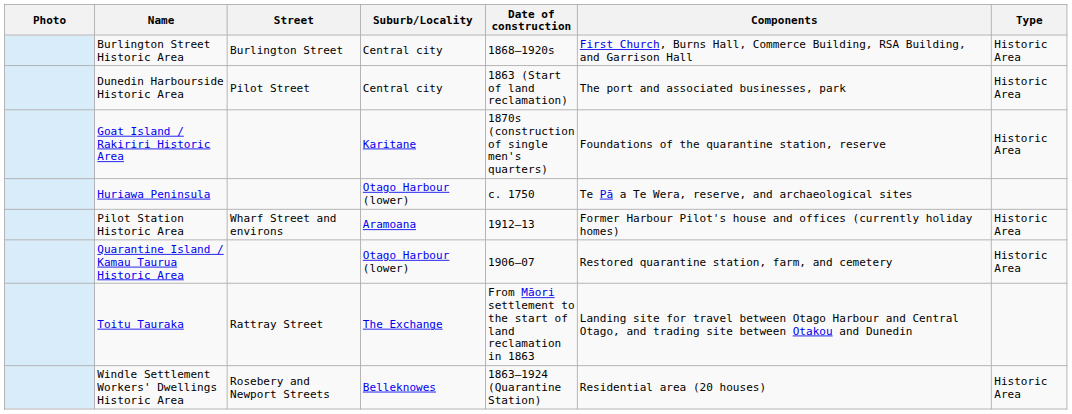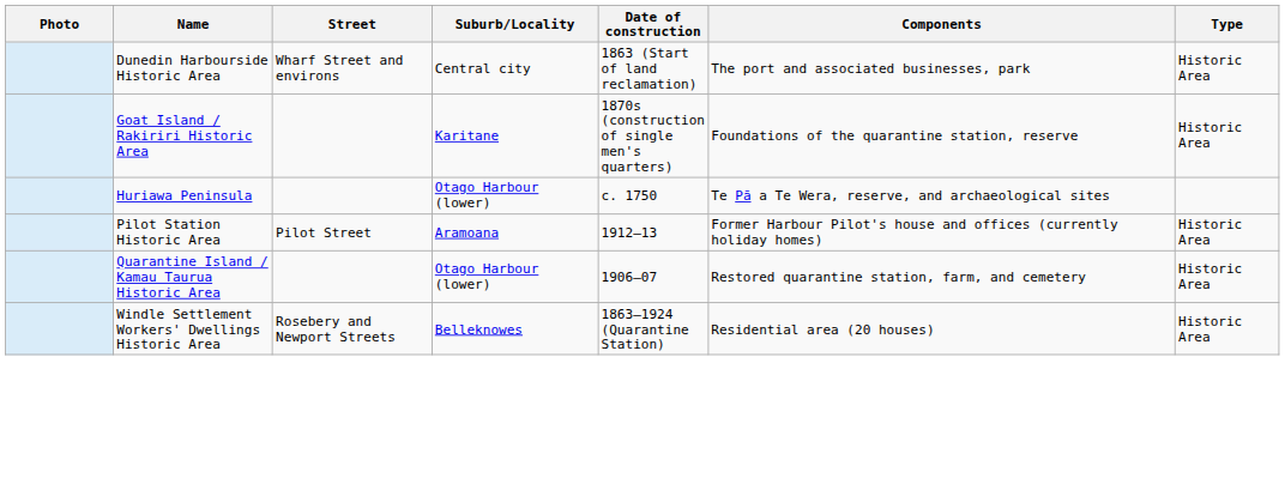 <table class="wikitable sortable">
 <tr>
 <th scope="col" style="width: 100px;">Photo</th>
 <th scope="col" style="width: 150px;">Name</th>
 <th scope="col" style="width: 150px;">Street</th>
 <th>Suburb/Locality</th>
 <th scope="col" style="width: 100px;">Date of construction</th>
 <th>Components</th>
 <th>Type</th>
 </tr>
 <tr>
 <td style="background:#D9ECF9"></td>
-<td>Burlington Street Historic Area</td>
-<td>Burlington Street</td>
-<td>Central city</td>
-<td>1868–1920s</td>
-<td><a href='#'>First Church</a>, Burns Hall, Commerce Building, RSA Building, and Garrison Hall</td>
-<td>Historic Area</td>
-</tr>
-<tr>
-<td style="background:#D9ECF9"></td>
 <td>Dunedin Harbourside Historic Area</td>
-<td>Pilot Street</td>
+<td>Wharf Street and environs</td>
 <td>Central city</td>
 <td>1863 (Start of land reclamation)</td>
 <td>The port and associated businesses, park</td>
 <td>Historic Area</td>
 </tr>
 <tr>
 <td style="background:#D9ECF9"></td>
 <td><a href='#'>Goat Island / Rakiriri Historic Area</a></td>
 <td></td>
 <td><a href='#'>Karitane</a></td>
 <td>1870s (construction of single men's quarters)</td>
 <td>Foundations of the quarantine station, reserve</td>
 <td>Historic Area</td>
 </tr>
 <tr>
 <td style="background:#D9ECF9"></td>
 <td><a href='#'>Huriawa Peninsula</a></td>
 <td></td>
 <td><a href='#'>Otago Harbour</a> (lower)</td>
 <td>c. 1750</td>
 <td>Te <a href='#'>Pā</a> a Te Wera, reserve, and archaeological sites</td>
 <td></td>
 </tr>
 <tr>
 <td style="background:#D9ECF9"></td>
 <td>Pilot Station Historic Area</td>
-<td>Wharf Street and environs</td>
+<td>Pilot Street</td>
 <td><a href='#'>Aramoana</a></td>
 <td>1912–13</td>
 <td>Former Harbour Pilot's house and offices (currently holiday homes)</td>
 <td>Historic Area</td>
 </tr>
 <tr>
 <td style="background:#D9ECF9"></td>
 <td><a href='#'>Quarantine Island / Kamau Taurua Historic Area</a></td>
 <td></td>
 <td><a href='#'>Otago Harbour</a> (lower)</td>
 <td>1906–07</td>
 <td>Restored quarantine station, farm, and cemetery</td>
 <td>Historic Area</td>
 </tr>
 <tr>
 <td style="background:#D9ECF9"></td>
-<td><a href='#'>Toitu Tauraka</a></td>
-<td>Rattray Street</td>
-<td><a href='#'>The Exchange</a></td>
-<td>From <a href='#'>Māori</a> settlement to the start of land reclamation in 1863</td>
-<td>Landing site for travel between Otago Harbour and Central Otago, and trading site between <a href='#'>Otakou</a> and Dunedin</td>
-<td></td>
-</tr>
-<tr>
-<td style="background:#D9ECF9"></td>
 <td>Windle Settlement Workers' Dwellings Historic Area</td>
 <td>Rosebery and Newport Streets</td>
 <td><a href='#'>Belleknowes</a></td>
 <td>1863–1924 (Quarantine Station)</td>
 <td>Residential area (20 houses)</td>
 <td>Historic Area</td>
 </tr>
 </table>
